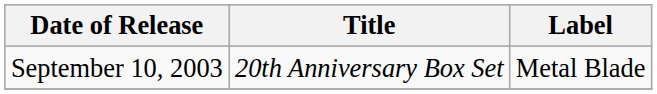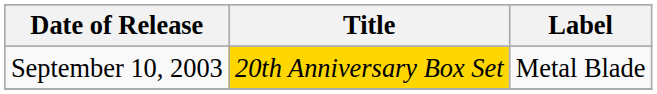 <table class="wikitable">
 <tr>
 <th>Date of Release</th>
 <th>Title</th>
 <th>Label</th>
 </tr>
 <tr>
 <td>September 10, 2003</td>
-<td><em>20th Anniversary Box Set</em></td>
+<td style="background: gold;"><em>20th Anniversary Box Set</em></td>
 <td>Metal Blade</td>
 </tr>
 <tr>
 </tr>
 </table>
